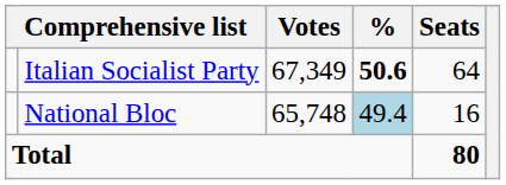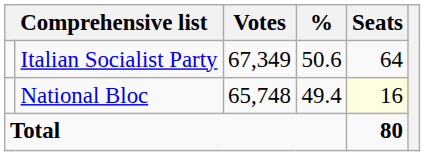 <table class="wikitable">
 <tr>
 <th colspan=2>Comprehensive list</th>
 <th>Votes</th>
 <th>%</th>
 <th>Seats</th>
 <th rowspan=4></th>
 </tr>
 <tr>
 <td style="background-color:"></td>
 <td><a href='#'>Italian Socialist Party</a></td>
 <td align=right>67,349</td>
-<td align=right><strong>50.6</strong></td>
+<td align=right>50.6</td>
 <td align=right>64</td>
 </tr>
 <tr>
 <td style="background-color:"></td>
 <td><a href='#'>National Bloc</a></td>
 <td align=right>65,748</td>
-<td align=right style="background: lightblue;">49.4</td>
-<td align=right>16</td>
+<td align=right>49.4</td>
+<td align=right style="background: lightyellow;">16</td>
 </tr>
 <tr>
 <td colspan=4><strong>Total</strong></td>
 <td align=right><strong>80</strong></td>
 </tr>
 </table>
